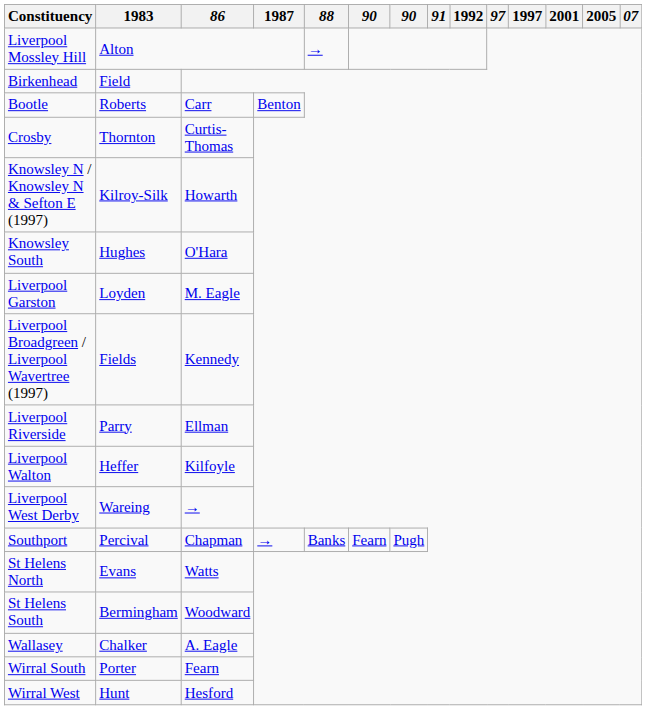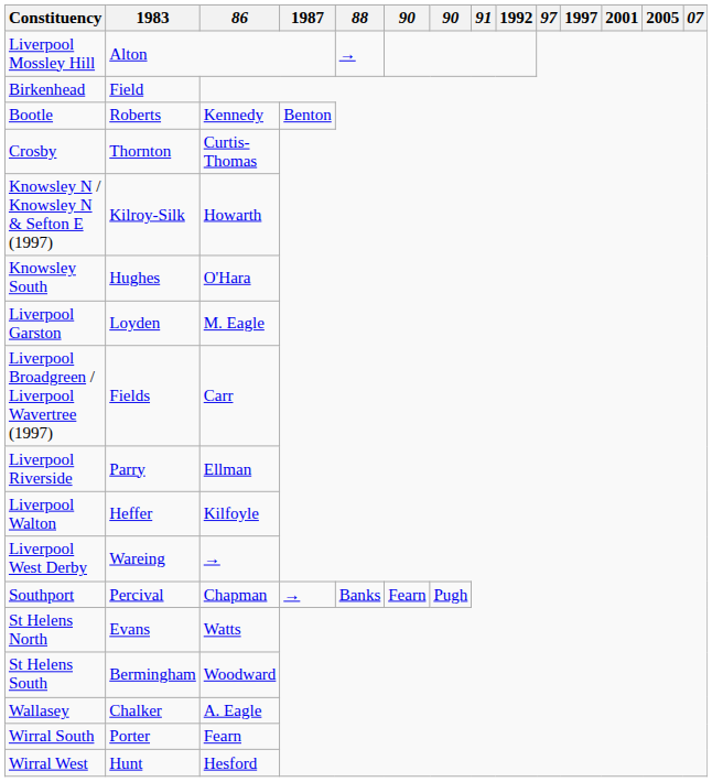 <table class="wikitable">
 <tr>
 <th>Constituency</th>
 <th>1983</th>
 <th><em>86</em></th>
 <th>1987</th>
 <th><em>88</em></th>
 <th><em>90</em></th>
 <th><em>90</em></th>
 <th><em>91</em></th>
 <th>1992</th>
 <th><em>97</em></th>
 <th>1997</th>
 <th>2001</th>
 <th>2005</th>
 <th><em>07</em></th>
 </tr>
 <tr>
 <td><a href='#'>Liverpool Mossley Hill</a></td>
 <td colspan="3"><a href='#'>Alton</a></td>
 <td><a href='#'>→</a></td>
 <td colspan="4"></td>
 </tr>
 <tr>
 <td><a href='#'>Birkenhead</a></td>
 <td><a href='#'>Field</a></td>
 </tr>
 <tr>
 <td><a href='#'>Bootle</a></td>
 <td><a href='#'>Roberts</a></td>
-<td><a href='#'>Carr</a></td>
+<td><a href='#'>Kennedy</a></td>
 <td><a href='#'>Benton</a></td>
 </tr>
 <tr>
 <td><a href='#'>Crosby</a></td>
 <td><a href='#'>Thornton</a></td>
 <td><a href='#'>Curtis-Thomas</a></td>
 </tr>
 <tr>
 <td><a href='#'>Knowsley N</a> / <a href='#'>Knowsley N & Sefton E</a> (1997)</td>
 <td><a href='#'>Kilroy-Silk</a></td>
 <td><a href='#'>Howarth</a></td>
 </tr>
 <tr>
 <td><a href='#'>Knowsley South</a></td>
 <td><a href='#'>Hughes</a></td>
 <td><a href='#'>O'Hara</a></td>
 </tr>
 <tr>
 <td><a href='#'>Liverpool Garston</a></td>
 <td><a href='#'>Loyden</a></td>
 <td><a href='#'>M. Eagle</a></td>
 </tr>
 <tr>
 <td><a href='#'>Liverpool Broadgreen</a> / <a href='#'>Liverpool Wavertree</a> (1997)</td>
 <td><a href='#'>Fields</a></td>
-<td><a href='#'>Kennedy</a></td>
+<td><a href='#'>Carr</a></td>
 </tr>
 <tr>
 <td><a href='#'>Liverpool Riverside</a></td>
 <td><a href='#'>Parry</a></td>
 <td><a href='#'>Ellman</a></td>
 </tr>
 <tr>
 <td><a href='#'>Liverpool Walton</a></td>
 <td><a href='#'>Heffer</a></td>
 <td><a href='#'>Kilfoyle</a></td>
 </tr>
 <tr>
 <td><a href='#'>Liverpool West Derby</a></td>
 <td><a href='#'>Wareing</a></td>
 <td><a href='#'>→</a></td>
 </tr>
 <tr>
 <td><a href='#'>Southport</a></td>
 <td><a href='#'>Percival</a></td>
 <td><a href='#'>Chapman</a></td>
 <td><a href='#'>→</a></td>
 <td><a href='#'>Banks</a></td>
 <td><a href='#'>Fearn</a></td>
 <td><a href='#'>Pugh</a></td>
 </tr>
 <tr>
 <td><a href='#'>St Helens North</a></td>
 <td><a href='#'>Evans</a></td>
 <td><a href='#'>Watts</a></td>
 </tr>
 <tr>
 <td><a href='#'>St Helens South</a></td>
 <td><a href='#'>Bermingham</a></td>
 <td><a href='#'>Woodward</a></td>
 </tr>
 <tr>
 <td><a href='#'>Wallasey</a></td>
 <td><a href='#'>Chalker</a></td>
 <td><a href='#'>A. Eagle</a></td>
 </tr>
 <tr>
 <td><a href='#'>Wirral South</a></td>
 <td><a href='#'>Porter</a></td>
 <td><a href='#'>Fearn</a></td>
 </tr>
 <tr>
 <td><a href='#'>Wirral West</a></td>
 <td><a href='#'>Hunt</a></td>
 <td><a href='#'>Hesford</a></td>
 </tr>
 </table>
